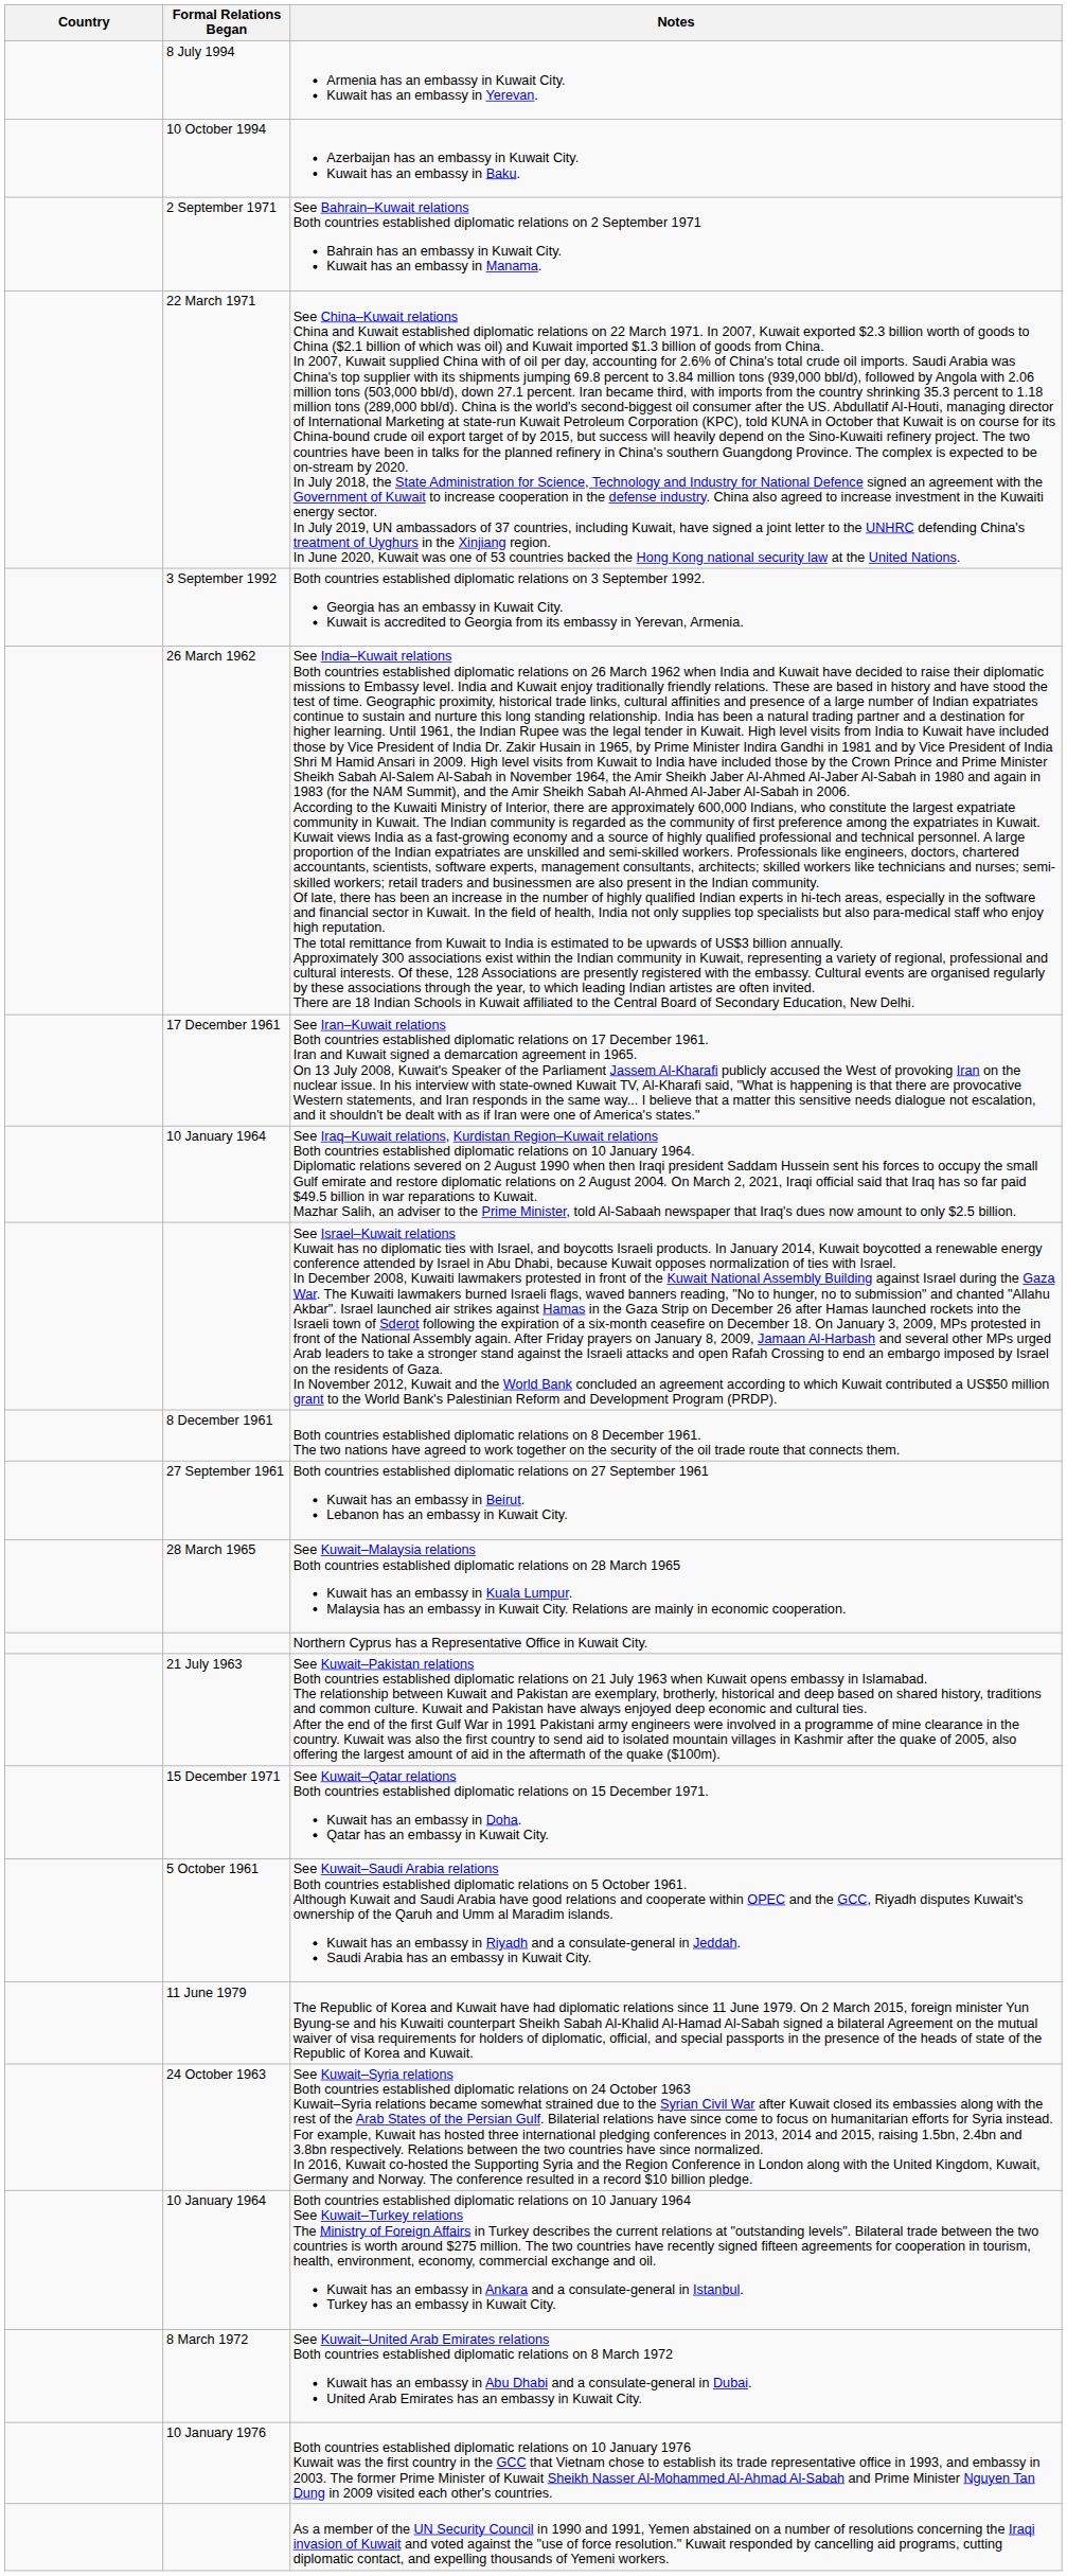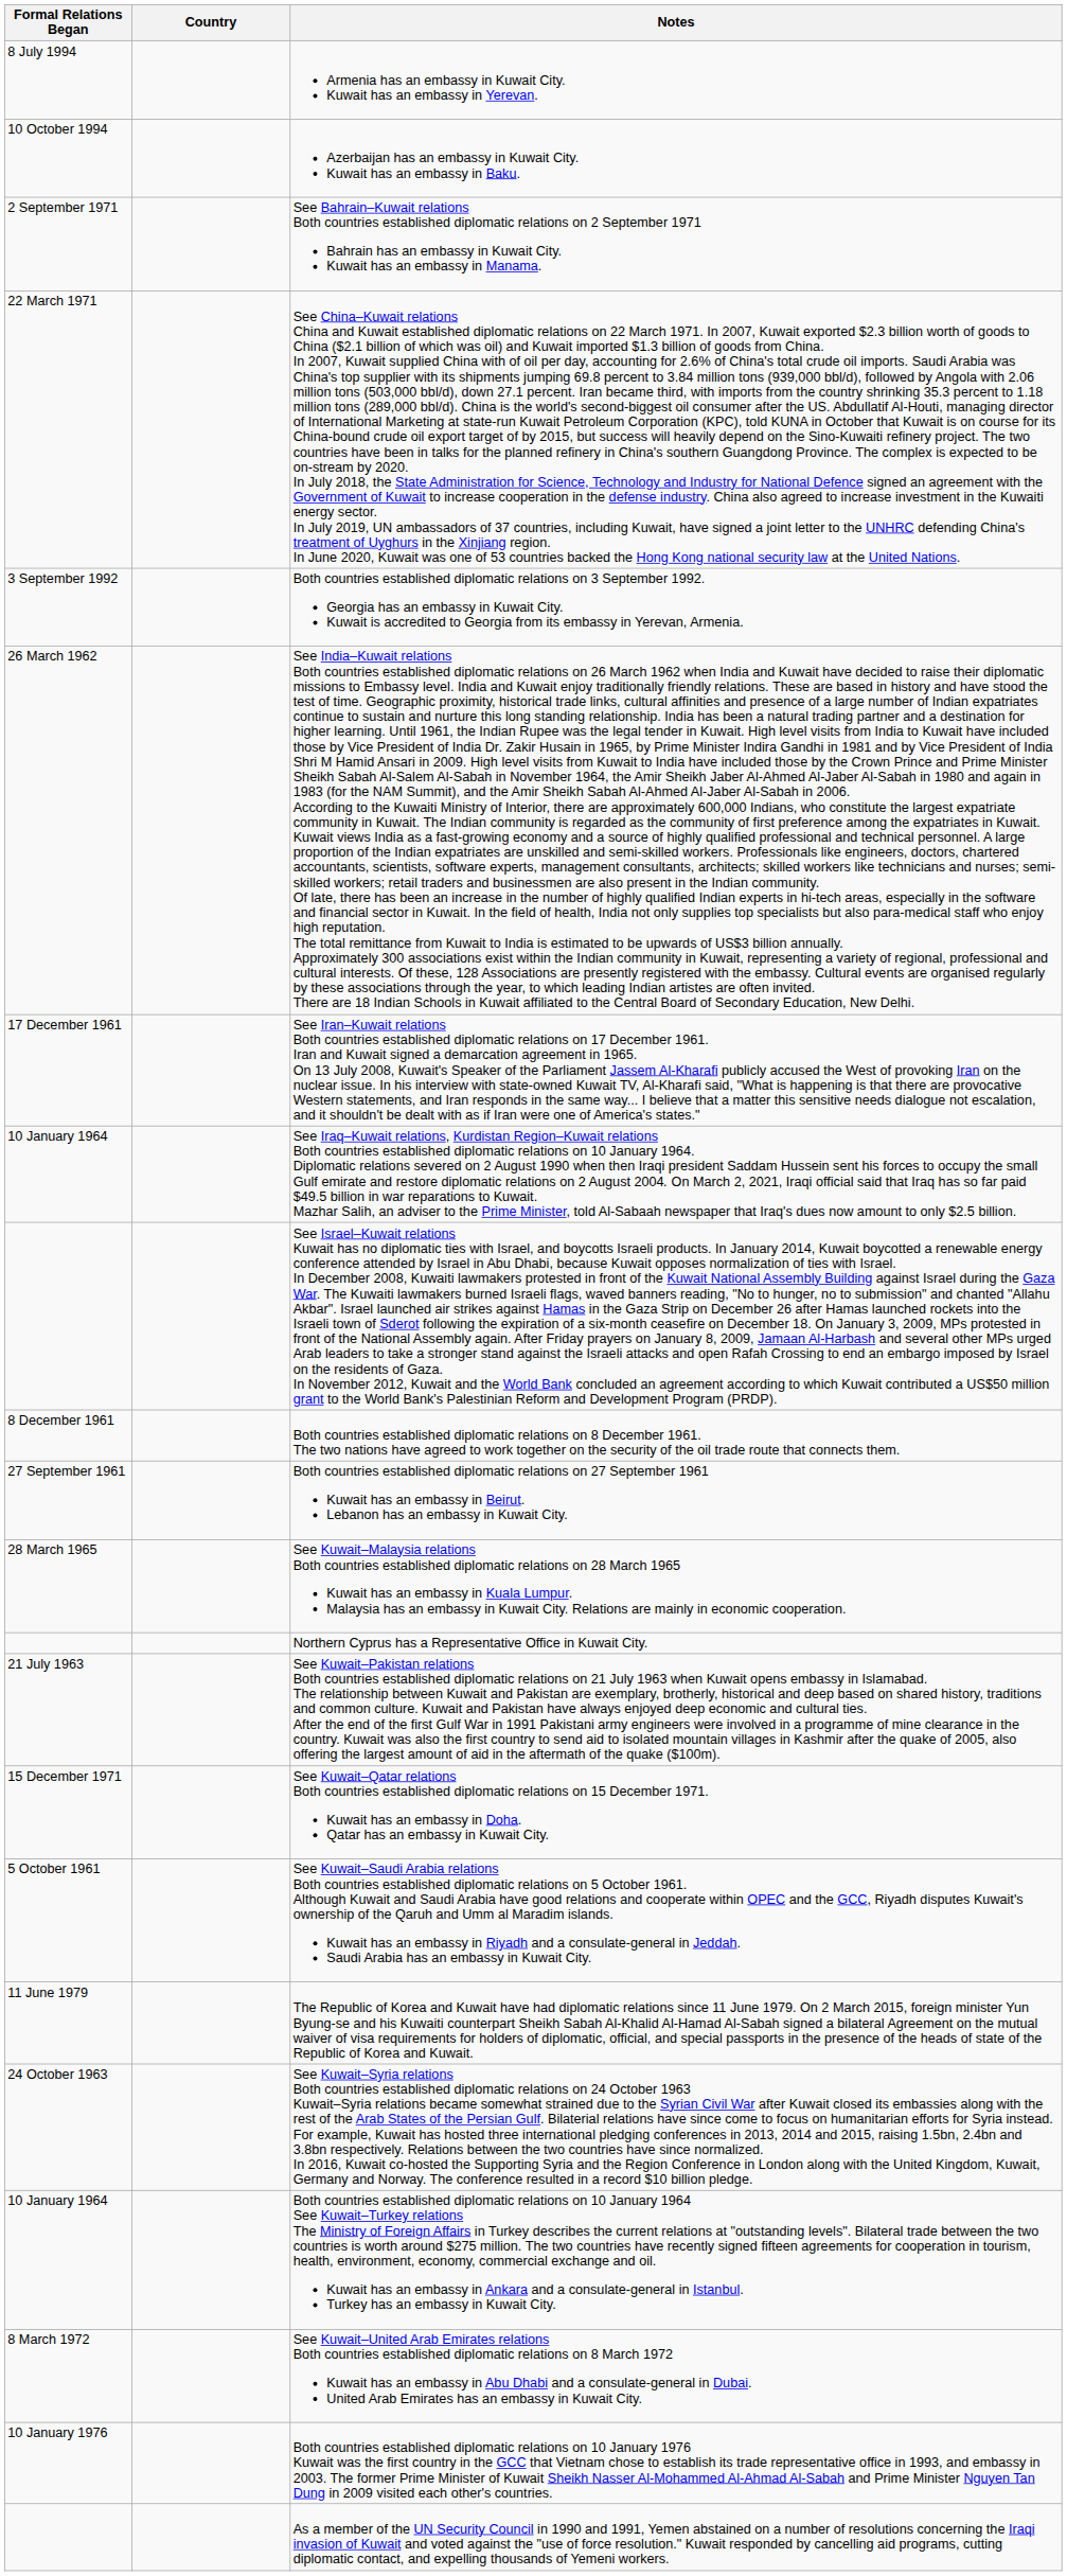 <table class="wikitable sortable" style="width:100%; margin:auto;">
 <tr>
+<th style="width:12%;">Formal Relations Began</th>
 <th style="width:15%;">Country</th>
-<th style="width:12%;">Formal Relations Began</th>
 <th>Notes</th>
 </tr>
 <tr valign="top">
+<td>8 July 1994</td>
 <td></td>
-<td>8 July 1994</td>
 <td><br><ul><li>Armenia has an embassy in Kuwait City.</li><li>Kuwait has an embassy in <a href='#'>Yerevan</a>.</li></ul></td>
 </tr>
 <tr valign="top">
+<td>10 October 1994</td>
 <td></td>
-<td>10 October 1994</td>
 <td><br><ul><li>Azerbaijan has an embassy in Kuwait City.</li><li>Kuwait has an embassy in <a href='#'>Baku</a>.</li></ul></td>
 </tr>
 <tr valign="top">
+<td>2 September 1971</td>
 <td></td>
-<td>2 September 1971</td>
 <td>See <a href='#'>Bahrain–Kuwait relations</a><br>Both countries established diplomatic relations on 2 September 1971<ul><li>Bahrain has an embassy in Kuwait City.</li><li>Kuwait has an embassy in <a href='#'>Manama</a>.</li></ul></td>
 </tr>
 <tr valign="top">
+<td>22 March 1971</td>
 <td></td>
-<td>22 March 1971</td>
 <td><br>See <a href='#'>China–Kuwait relations</a><br>China and Kuwait established diplomatic relations on 22 March 1971. In 2007, Kuwait exported $2.3 billion worth of goods to China ($2.1 billion of which was oil) and Kuwait imported $1.3 billion of goods from China.<br>In 2007, Kuwait supplied China with  of oil per day, accounting for 2.6% of China's total crude oil imports. Saudi Arabia was China's top supplier with its shipments jumping 69.8 percent to 3.84 million tons (939,000 bbl/d), followed by Angola with 2.06 million tons (503,000 bbl/d), down 27.1 percent. Iran became third, with imports from the country shrinking 35.3 percent to 1.18 million tons (289,000 bbl/d). China is the world's second-biggest oil consumer after the US. Abdullatif Al-Houti, managing director of International Marketing at state-run Kuwait Petroleum Corporation (KPC), told KUNA in October that Kuwait is on course for its China-bound crude oil export target of  by 2015, but success will heavily depend on the Sino-Kuwaiti refinery project. The two countries have been in talks for the planned  refinery in China's southern Guangdong Province. The complex is expected to be on-stream by 2020.<br>In July 2018, the <a href='#'>State Administration for Science, Technology and Industry for National Defence</a> signed an agreement with the <a href='#'>Government of Kuwait</a> to increase cooperation in the <a href='#'>defense industry</a>. China also agreed to increase investment in the Kuwaiti energy sector.<br>In July 2019, UN ambassadors of 37 countries, including Kuwait, have signed a joint letter to the <a href='#'>UNHRC</a> defending China's <a href='#'>treatment of Uyghurs</a> in the <a href='#'>Xinjiang</a> region.<br>In June 2020, Kuwait was one of 53 countries backed the <a href='#'>Hong Kong national security law</a> at the <a href='#'>United Nations</a>.</td>
 </tr>
 <tr valign="top">
+<td>3 September 1992</td>
 <td></td>
-<td>3 September 1992</td>
 <td>Both countries established diplomatic relations on 3 September 1992.<br><ul><li>Georgia has an embassy in Kuwait City.</li><li>Kuwait is accredited to Georgia from its embassy in Yerevan, Armenia.</li></ul></td>
 </tr>
 <tr valign="top">
+<td>26 March 1962</td>
 <td></td>
-<td>26 March 1962</td>
 <td>See <a href='#'>India–Kuwait relations</a><br>Both countries established diplomatic relations on 26 March 1962 when India and Kuwait have decided to raise their diplomatic missions to Embassy level.  India and Kuwait enjoy traditionally friendly relations. These are based in history and have stood the test of time. Geographic proximity, historical trade links, cultural affinities and presence of a large number of Indian expatriates continue to sustain and nurture this long standing relationship. India has been a natural trading partner and a destination for higher learning. Until 1961, the Indian Rupee was the legal tender in Kuwait. High level visits from India to Kuwait have included those by Vice President of India Dr. Zakir Husain in 1965, by Prime Minister Indira Gandhi in 1981 and by Vice President of India Shri M Hamid Ansari in 2009. High level visits from Kuwait to India have included those by the Crown Prince and Prime Minister Sheikh Sabah Al-Salem Al-Sabah in November 1964, the Amir Sheikh Jaber Al-Ahmed Al-Jaber Al-Sabah in 1980 and again in 1983 (for the NAM Summit), and the Amir Sheikh Sabah Al-Ahmed Al-Jaber Al-Sabah in 2006.<br>According to the Kuwaiti Ministry of Interior, there are approximately 600,000 Indians, who constitute the largest expatriate community in Kuwait. The Indian community is regarded as the community of first preference among the expatriates in Kuwait. Kuwait views India as a fast-growing economy and a source of highly qualified professional and technical personnel. A large proportion of the Indian expatriates are unskilled and semi-skilled workers. Professionals like engineers, doctors, chartered accountants, scientists, software experts, management consultants, architects; skilled workers like technicians and nurses; semi-skilled workers; retail traders and businessmen are also present in the Indian community.<br>Of late, there has been an increase in the number of highly qualified Indian experts in hi-tech areas, especially in the software and financial sector in Kuwait. In the field of health, India not only supplies top specialists but also para-medical staff who enjoy high reputation.<br>The total remittance from Kuwait to India is estimated to be upwards of US$3 billion annually.<br>Approximately 300 associations exist within the Indian community in Kuwait, representing a variety of regional, professional and cultural interests. Of these, 128 Associations are presently registered with the embassy. Cultural events are organised regularly by these associations through the year, to which leading Indian artistes are often invited.<br>There are 18 Indian Schools in Kuwait affiliated to the Central Board of Secondary Education, New Delhi.</td>
 </tr>
 <tr valign="top">
+<td>17 December 1961</td>
 <td></td>
-<td>17 December 1961</td>
 <td>See <a href='#'>Iran–Kuwait relations</a><br>Both countries established diplomatic relations on 17 December 1961.<br>Iran and Kuwait signed a demarcation agreement in 1965.<br>On 13 July 2008, Kuwait's Speaker of the Parliament <a href='#'>Jassem Al-Kharafi</a> publicly accused the West of provoking <a href='#'>Iran</a> on the nuclear issue. In his interview with state-owned Kuwait TV, Al-Kharafi said, "What is happening is that there are provocative Western statements, and Iran responds in the same way... I believe that a matter this sensitive needs dialogue not escalation, and it shouldn't be dealt with as if Iran were one of America's states."</td>
 </tr>
 <tr valign="top">
+<td>10 January 1964</td>
 <td></td>
-<td>10 January 1964</td>
 <td>See <a href='#'>Iraq–Kuwait relations</a>, <a href='#'>Kurdistan Region–Kuwait relations</a><br>Both countries established diplomatic relations on 10 January 1964.<br>Diplomatic relations severed on 2 August 1990 when then Iraqi president Saddam Hussein sent his forces to occupy the small Gulf emirate and restore diplomatic relations on 2 August 2004<em>.</em> On March 2, 2021, Iraqi official said that Iraq has so far paid $49.5 billion in war reparations to Kuwait.<br>Mazhar Salih, an adviser to the <a href='#'>Prime Minister</a>, told Al-Sabaah newspaper that Iraq's dues now amount to only $2.5 billion.</td>
 </tr>
 <tr valign="top">
 <td></td>
 <td></td>
 <td>See <a href='#'>Israel–Kuwait relations</a><br>Kuwait has no diplomatic ties with Israel, and boycotts Israeli products. In January 2014, Kuwait boycotted a renewable energy conference attended by Israel in Abu Dhabi, because Kuwait opposes normalization of ties with Israel.<br>In December 2008, Kuwaiti lawmakers protested in front of the <a href='#'>Kuwait National Assembly Building</a> against Israel during the <a href='#'>Gaza War</a>. The Kuwaiti lawmakers burned Israeli flags, waved banners reading, "No to hunger, no to submission" and chanted "Allahu Akbar". Israel launched air strikes against <a href='#'>Hamas</a> in the Gaza Strip on December 26 after Hamas launched rockets into the Israeli town of <a href='#'>Sderot</a> following the expiration of a six-month ceasefire on December 18. On January 3, 2009, MPs protested in front of the National Assembly again. After Friday prayers on January 8, 2009, <a href='#'>Jamaan Al-Harbash</a> and several other MPs urged Arab leaders to take a stronger stand against the Israeli attacks and open Rafah Crossing to end an embargo imposed by Israel on the residents of Gaza.<br>In November 2012, Kuwait and the <a href='#'>World Bank</a> concluded an agreement according to which Kuwait contributed a US$50 million <a href='#'>grant</a> to the World Bank's Palestinian Reform and Development Program (PRDP).</td>
 </tr>
 <tr valign="top">
+<td>8 December 1961</td>
 <td></td>
-<td>8 December 1961</td>
 <td><br>Both countries established diplomatic relations on 8 December 1961.<br>The two nations have agreed to work together on the security of the oil trade route that connects them.</td>
 </tr>
 <tr valign="top">
+<td>27 September 1961</td>
 <td></td>
-<td>27 September 1961</td>
 <td>Both countries established diplomatic relations on 27 September 1961<br><ul><li>Kuwait has an embassy in <a href='#'>Beirut</a>.</li><li>Lebanon has an embassy in Kuwait City.</li></ul></td>
 </tr>
 <tr valign="top">
+<td>28 March 1965</td>
 <td></td>
-<td>28 March 1965</td>
 <td>See <a href='#'>Kuwait–Malaysia relations</a><br>Both countries established diplomatic relations on 28 March 1965<ul><li>Kuwait has an embassy in <a href='#'>Kuala Lumpur</a>.</li><li>Malaysia has an embassy in Kuwait City. Relations are mainly in economic cooperation.</li></ul></td>
 </tr>
 <tr>
 <td></td>
 <td></td>
 <td>Northern Cyprus has a Representative Office in Kuwait City.</td>
 </tr>
 <tr valign="top">
+<td>21 July 1963</td>
 <td></td>
-<td>21 July 1963</td>
 <td>See <a href='#'>Kuwait–Pakistan relations</a><br>Both countries established diplomatic relations on 21 July 1963 when Kuwait opens embassy in Islamabad.<br>The relationship between Kuwait and Pakistan are exemplary, brotherly, historical and deep based on shared history, traditions and common culture. Kuwait and Pakistan have always enjoyed deep economic and cultural ties.<br>After the end of the first Gulf War in 1991 Pakistani army engineers were involved in a programme of mine clearance in the country. Kuwait was also the first country to send aid to isolated mountain villages in Kashmir after the quake of 2005, also offering the largest amount of aid in the aftermath of the quake ($100m).</td>
 </tr>
 <tr valign="top">
+<td>15 December 1971</td>
 <td></td>
-<td>15 December 1971</td>
 <td>See <a href='#'>Kuwait–Qatar relations</a><br>Both countries established diplomatic relations on 15 December 1971.<ul><li>Kuwait has an embassy in <a href='#'>Doha</a>.</li><li>Qatar has an embassy in Kuwait City.</li></ul></td>
 </tr>
 <tr valign="top">
+<td>5 October 1961</td>
 <td></td>
-<td>5 October 1961</td>
 <td>See <a href='#'>Kuwait–Saudi Arabia relations</a><br>Both countries established diplomatic relations on 5 October 1961.<br>Although Kuwait and Saudi Arabia have good relations and cooperate within <a href='#'>OPEC</a> and the <a href='#'>GCC</a>, Riyadh disputes Kuwait's ownership of the Qaruh and Umm al Maradim islands.<ul><li>Kuwait has an embassy in <a href='#'>Riyadh</a> and a consulate-general in <a href='#'>Jeddah</a>.</li><li>Saudi Arabia has an embassy in Kuwait City.</li></ul></td>
 </tr>
 <tr valign="top">
+<td>11 June 1979</td>
 <td></td>
-<td>11 June 1979</td>
 <td><br>The Republic of Korea and Kuwait have had diplomatic relations since 11 June 1979. On 2 March 2015, foreign minister Yun Byung-se and his Kuwaiti counterpart Sheikh Sabah Al-Khalid Al-Hamad Al-Sabah signed a bilateral Agreement on the mutual waiver of visa requirements for holders of diplomatic, official, and special passports in the presence of the heads of state of the Republic of Korea and Kuwait.</td>
 </tr>
 <tr valign="top">
+<td>24 October 1963</td>
 <td></td>
-<td>24 October 1963</td>
 <td>See <a href='#'>Kuwait–Syria relations</a><br>Both countries established diplomatic relations on 24 October 1963<br>Kuwait–Syria relations became somewhat strained due to the <a href='#'>Syrian Civil War</a> after Kuwait closed its embassies along with the rest of the <a href='#'>Arab States of the Persian Gulf</a>. Bilaterial relations have since come to focus on humanitarian efforts for Syria instead. For example, Kuwait has hosted three international pledging conferences in 2013, 2014 and 2015, raising 1.5bn, 2.4bn and 3.8bn respectively. Relations between the two countries have since normalized.<br>In 2016, Kuwait co-hosted the Supporting Syria and the Region Conference in London along with the United Kingdom, Kuwait, Germany and Norway. The conference resulted in a record $10 billion pledge.</td>
 </tr>
 <tr valign="top">
+<td>10 January 1964</td>
 <td></td>
-<td>10 January 1964</td>
 <td>Both countries established diplomatic relations on 10 January 1964<br>See <a href='#'>Kuwait–Turkey relations</a><br>The <a href='#'>Ministry of Foreign Affairs</a> in Turkey describes the current relations at "outstanding levels". Bilateral trade between the two countries is worth around $275 million. The two countries have recently signed fifteen agreements for cooperation in tourism, health, environment, economy, commercial exchange and oil.<ul><li>Kuwait has an embassy in <a href='#'>Ankara</a> and a consulate-general in <a href='#'>Istanbul</a>.</li><li>Turkey has an embassy in Kuwait City.</li></ul></td>
 </tr>
 <tr valign="top">
+<td>8 March 1972</td>
 <td></td>
-<td>8 March 1972</td>
 <td>See <a href='#'>Kuwait–United Arab Emirates relations</a><br>Both countries established diplomatic relations on 8 March 1972<ul><li>Kuwait has an embassy in <a href='#'>Abu Dhabi</a> and a consulate-general in <a href='#'>Dubai</a>.</li><li>United Arab Emirates has an embassy in Kuwait City.</li></ul></td>
 </tr>
 <tr valign="top">
+<td>10 January 1976</td>
 <td></td>
-<td>10 January 1976</td>
 <td><br>Both countries established diplomatic relations on 10 January 1976<br>Kuwait was the first country in the <a href='#'>GCC</a> that Vietnam chose to establish its trade representative office in 1993, and embassy in 2003. The former Prime Minister of Kuwait <a href='#'>Sheikh Nasser Al-Mohammed Al-Ahmad Al-Sabah</a> and Prime Minister <a href='#'>Nguyen Tan Dung</a> in 2009 visited each other's countries.</td>
 </tr>
 <tr valign="top">
 <td></td>
 <td></td>
 <td><br>As a member of the <a href='#'>UN Security Council</a> in 1990 and 1991, Yemen abstained on a number of resolutions concerning the <a href='#'>Iraqi invasion of Kuwait</a> and voted against the "use of force resolution." Kuwait responded by cancelling aid programs, cutting diplomatic contact, and expelling thousands of Yemeni workers.</td>
 </tr>
 </table>
